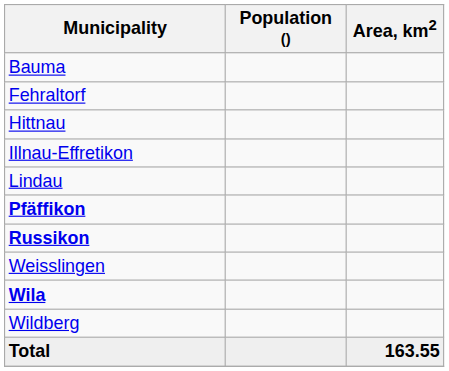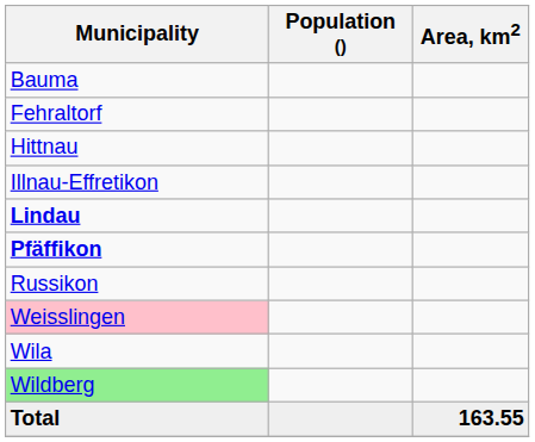 <table class="wikitable">
 <tr>
 <th width="190">Municipality</th>
 <th width="100">Population<br><small>()</small></th>
 <th width="80">Area, km<sup>2</sup></th>
 </tr>
 <tr>
 <td><a href='#'>Bauma</a></td>
 <td align="center"></td>
 <td align="right"></td>
 </tr>
 <tr>
 <td><a href='#'>Fehraltorf</a></td>
 <td align="center"></td>
 <td align="right"></td>
 </tr>
 <tr>
 <td><a href='#'>Hittnau</a></td>
 <td align="center"></td>
 <td align="right"></td>
 </tr>
 <tr>
 <td><a href='#'>Illnau-Effretikon</a></td>
 <td align="center"></td>
 <td align="right"></td>
 </tr>
 <tr>
-<td><a href='#'>Lindau</a></td>
+<td><strong><a href='#'>Lindau</a></strong></td>
 <td align="center"></td>
 <td align="right"></td>
 </tr>
 <tr>
 <td><strong><a href='#'>Pfäffikon</a></strong></td>
 <td align="center"></td>
 <td align="right"></td>
 </tr>
 <tr>
-<td><strong><a href='#'>Russikon</a></strong></td>
+<td><a href='#'>Russikon</a></td>
 <td align="center"></td>
 <td align="right"></td>
 </tr>
 <tr>
-<td><a href='#'>Weisslingen</a></td>
+<td style="background: pink;"><a href='#'>Weisslingen</a></td>
 <td align="center"></td>
 <td align="right"></td>
 </tr>
 <tr>
-<td><strong><a href='#'>Wila</a></strong></td>
+<td><a href='#'>Wila</a></td>
 <td align="center"></td>
 <td align="right"></td>
 </tr>
 <tr>
-<td><a href='#'>Wildberg</a></td>
+<td style="background: lightgreen;"><a href='#'>Wildberg</a></td>
 <td align="center"></td>
 <td align="right"></td>
 </tr>
 <tr style="background-color:#EFEFEF;">
 <td align="left"><strong>Total</strong></td>
 <td align="center"><strong></strong></td>
 <td align="right"><strong>163.55</strong></td>
 </tr>
 <tr>
 </tr>
 </table>
